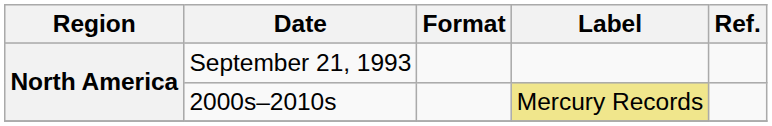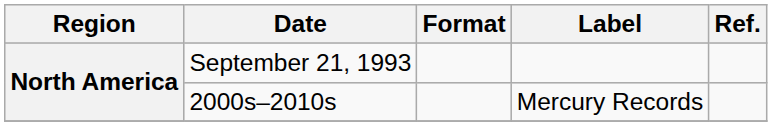 <table class="wikitable plainrowheaders">
 <tr>
 <th scope="col">Region</th>
 <th scope="col">Date</th>
 <th scope="col">Format</th>
 <th scope="col">Label</th>
 <th scope="col">Ref.</th>
 </tr>
 <tr>
 <th scope="row" rowspan="2">North America</th>
 <td>September 21, 1993</td>
 <td></td>
 <td></td>
 <td></td>
 </tr>
 <tr>
 <td>2000s–2010s</td>
 <td></td>
-<td style="background: khaki;">Mercury Records</td>
+<td>Mercury Records</td>
 <td></td>
 </tr>
 <tr>
 </tr>
 </table>
